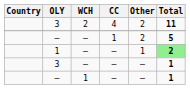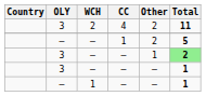 <table class="sortable wikitable" style="text-align: center">
 <tr>
 <th>Country</th>
 <th data-sort-type="number" style="width:3em" scope="col"><abbr>OLY</abbr></th>
 <th data-sort-type="number" style="width:3em" scope="col"><abbr>WCH</abbr></th>
 <th data-sort-type="number" style="width:3em" scope="col"><abbr>CC</abbr></th>
 <th data-sort-type="number" style="width:3em" scope="col"><abbr>Other</abbr></th>
 <th data-sort-type="number" style="width:3em" scope="col">Total</th>
 </tr>
 <tr>
 <td style="text-align: left"></td>
 <td>3</td>
 <td>2</td>
 <td>4</td>
 <td>2</td>
 <td><strong>11</strong></td>
 </tr>
 <tr>
 </tr>
 <tr>
 <td style="text-align: left"></td>
 <td>–</td>
 <td>–</td>
 <td>1</td>
 <td>2</td>
 <td><strong>5</strong></td>
 </tr>
 <tr>
 <td style="text-align: left"></td>
-<td>1</td>
+<td>3</td>
 <td>–</td>
 <td>–</td>
 <td>1</td>
 <td style="background: lightgreen;"><strong>2</strong></td>
 </tr>
 <tr>
 <td style="text-align: left"></td>
 <td>3</td>
 <td>–</td>
 <td>–</td>
 <td>–</td>
 <td><strong>1</strong></td>
 </tr>
 <tr>
 <td style="text-align: left"></td>
 <td>–</td>
 <td>1</td>
 <td>–</td>
 <td>–</td>
 <td><strong>1</strong></td>
 </tr>
 </table>
